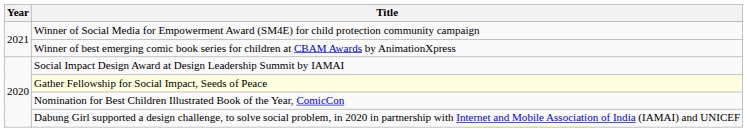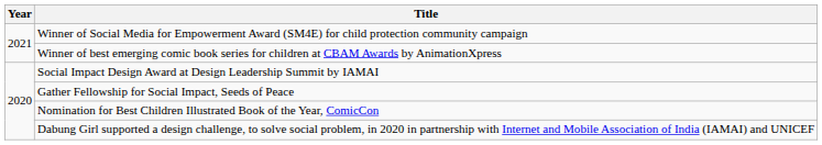 <table class="wikitable">
 <tr>
 <th>Year</th>
 <th>Title</th>
 </tr>
 <tr>
 <td rowspan="2">2021</td>
 <td>Winner of Social Media for Empowerment Award (SM4E) for child protection community campaign</td>
 </tr>
 <tr>
 <td>Winner of best emerging comic book series for children at <a href='#'>CBAM Awards</a> by AnimationXpress</td>
 </tr>
 <tr>
 <td rowspan="4">2020</td>
 <td>Social Impact Design Award at Design Leadership Summit by IAMAI</td>
 </tr>
 <tr>
-<td style="background: lightyellow;">Gather Fellowship for Social Impact, Seeds of Peace</td>
+<td>Gather Fellowship for Social Impact, Seeds of Peace</td>
 </tr>
 <tr>
 <td>Nomination for Best Children Illustrated Book of the Year, <a href='#'>ComicCon</a></td>
 </tr>
 <tr>
 <td>Dabung Girl supported a design challenge, to solve social problem, in 2020 in partnership with <a href='#'>Internet and Mobile Association of India</a> (IAMAI) and UNICEF</td>
 </tr>
 </table>
